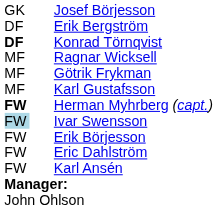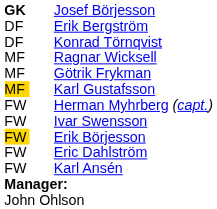 <table cellspacing="0" cellpadding="0" style="font-size:90%; margin:0.2em auto;">
 <tr>
 <th width="25"></th>
 <th width="25"></th>
 </tr>
 <tr>
 </tr>
 <tr>
-<td>GK</td>
+<td><strong>GK</strong></td>
 <td></td>
 <td><a href='#'>Josef Börjesson</a></td>
 </tr>
 <tr>
 <td>DF</td>
 <td></td>
 <td><a href='#'>Erik Bergström</a></td>
 </tr>
 <tr>
-<td><strong>DF</strong></td>
+<td>DF</td>
 <td></td>
 <td><a href='#'>Konrad Törnqvist</a></td>
 </tr>
 <tr>
 <td>MF</td>
 <td></td>
 <td><a href='#'>Ragnar Wicksell</a></td>
 </tr>
 <tr>
 <td>MF</td>
 <td></td>
 <td><a href='#'>Götrik Frykman</a></td>
 </tr>
 <tr>
-<td>MF</td>
+<td style="background: gold;">MF</td>
 <td></td>
 <td><a href='#'>Karl Gustafsson</a></td>
 </tr>
 <tr>
-<td><strong>FW</strong></td>
+<td>FW</td>
 <td></td>
 <td><a href='#'>Herman Myhrberg</a> <em>(<a href='#'>capt.</a>)</em></td>
 </tr>
 <tr>
-<td style="background: lightblue;">FW</td>
+<td>FW</td>
 <td></td>
 <td><a href='#'>Ivar Swensson</a></td>
 </tr>
 <tr>
-<td>FW</td>
+<td style="background: gold;">FW</td>
 <td></td>
 <td><a href='#'>Erik Börjesson</a></td>
 </tr>
 <tr>
 <td>FW</td>
 <td></td>
 <td><a href='#'>Eric Dahlström</a></td>
 </tr>
 <tr>
 <td>FW</td>
 <td></td>
 <td><a href='#'>Karl Ansén</a></td>
 </tr>
 <tr>
 <td colspan=3><strong>Manager:</strong></td>
 </tr>
 <tr>
 <td colspan=4> John Ohlson</td>
 </tr>
 </table>
